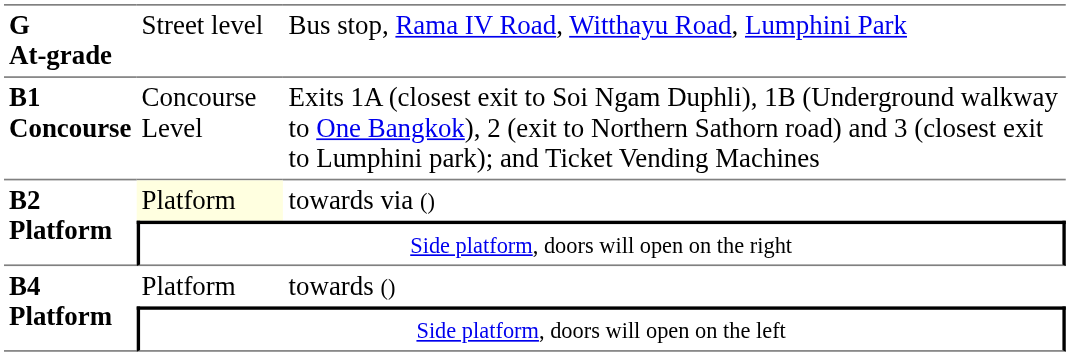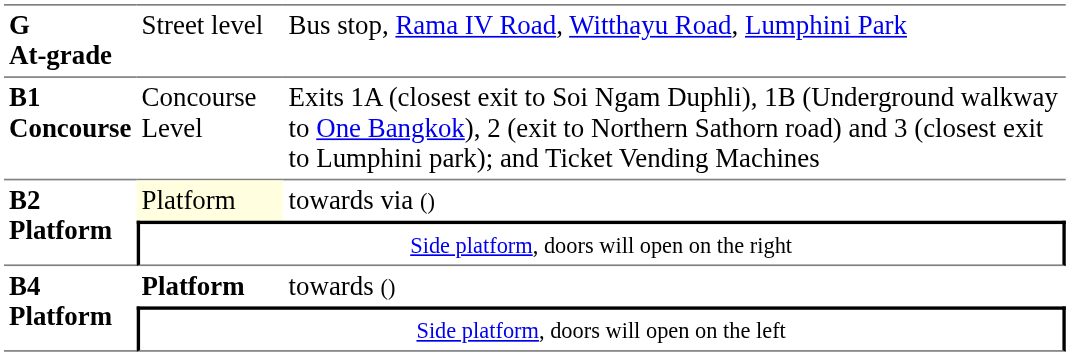 <table width=50% table border=0 cellspacing=0 cellpadding=3>
 <tr>
 <td style = "border-top:solid 1px gray;border-bottom:solid 1px gray;" valign=top><strong>G<br>At-grade<br></strong></td>
 <td style = "border-top:solid 1px gray;border-bottom:solid 1px gray;" valign=top>Street level</td>
 <td style = "border-top:solid 1px gray;border-bottom:solid 1px gray;" valign=top>Bus stop, <a href='#'>Rama IV Road</a>, <a href='#'>Witthayu Road</a>, <a href='#'>Lumphini Park</a></td>
 </tr>
 <tr>
 <td style = "border-bottom:solid 1px gray;" rowspan=1 valign=top><strong>B1<br>Concourse<br></strong></td>
 <td style = "border-bottom:solid 1px gray;" valign=top>Concourse Level</td>
 <td style = "border-bottom:solid 1px gray;" valign=top>Exits 1A (closest exit to Soi Ngam Duphli), 1B (Underground walkway to <a href='#'>One Bangkok</a>), 2 (exit to Northern Sathorn road) and 3 (closest exit to Lumphini park); and Ticket Vending Machines</td>
 </tr>
 <tr>
 <td style = "border-bottom:solid 1px gray;" rowspan=2 valign=top><strong>B2<br>Platform</strong></td>
 <td style="background: lightyellow;">Platform </td>
 <td> towards  via  <small>()</small></td>
 </tr>
 <tr>
 <td style="border-bottom:solid 1px gray;border-top:solid 2px black;border-right:solid 2px black;border-left:solid 2px black;" colspan=2 align=center><small><a href='#'>Side platform</a>, doors will open on the right</small></td>
 </tr>
 <tr>
 <td style = "border-bottom:solid 1px gray;" rowspan=2 valign=top><strong>B4<br>Platform</strong></td>
-<td>Platform </td>
+<td><strong>Platform </strong></td>
 <td> towards  <small>()</small></td>
 </tr>
 <tr>
 <td style="border-bottom:solid 1px gray;border-top:solid 2px black;border-right:solid 2px black;border-left:solid 2px black;" colspan=2 align=center><small><a href='#'>Side platform</a>, doors will open on the left</small></td>
 </tr>
 </table>
